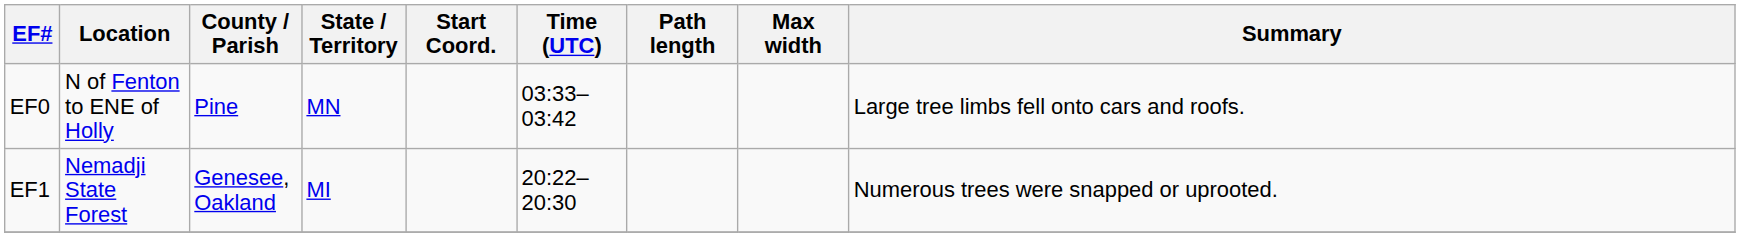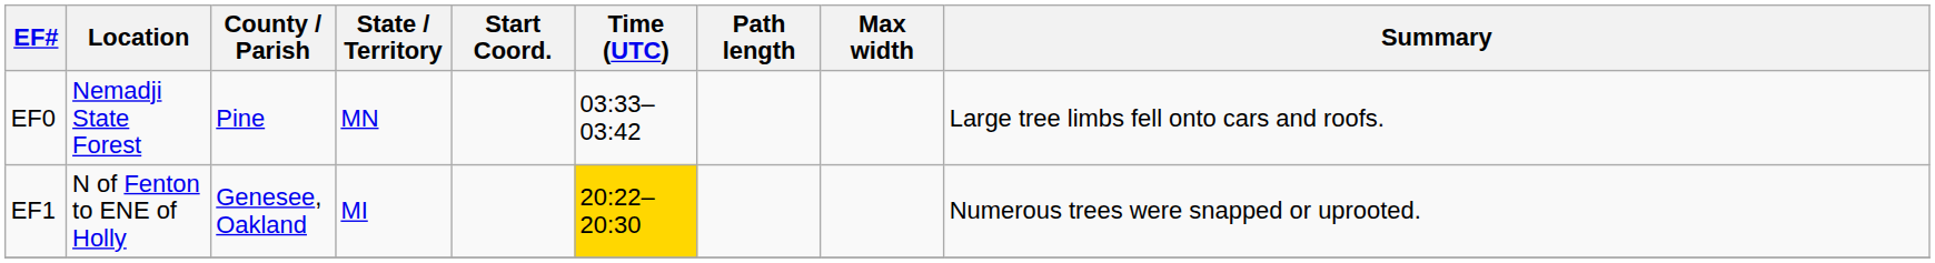 <table class="wikitable sortable" style="width:100%;">
 <tr>
 <th scope="col"  style="width:3%; text-align:center;"><a href='#'>EF#</a></th>
 <th scope="col"  style="width:7%; text-align:center;" class="unsortable">Location</th>
 <th scope="col"  style="width:6%; text-align:center;" class="unsortable">County / Parish</th>
 <th scope="col"  style="width:5%; text-align:center;">State / Territory</th>
 <th scope="col"  style="width:6%; text-align:center;">Start Coord.</th>
 <th scope="col"  style="width:6%; text-align:center;">Time (<a href='#'>UTC</a>)</th>
 <th scope="col"  style="width:6%; text-align:center;">Path length</th>
 <th scope="col"  style="width:6%; text-align:center;">Max width</th>
 <th scope="col" class="unsortable" style="width:48%; text-align:center;">Summary</th>
 </tr>
 <tr>
 <td>EF0</td>
-<td>N of <a href='#'>Fenton</a> to ENE of <a href='#'>Holly</a></td>
+<td><a href='#'>Nemadji State Forest</a></td>
 <td><a href='#'>Pine</a></td>
 <td><a href='#'>MN</a></td>
 <td></td>
 <td>03:33–03:42</td>
 <td></td>
 <td></td>
 <td>Large tree limbs fell onto cars and roofs.</td>
 </tr>
 <tr>
 <td>EF1</td>
-<td><a href='#'>Nemadji State Forest</a></td>
+<td>N of <a href='#'>Fenton</a> to ENE of <a href='#'>Holly</a></td>
 <td><a href='#'>Genesee</a>, <a href='#'>Oakland</a></td>
 <td><a href='#'>MI</a></td>
 <td></td>
-<td>20:22–20:30</td>
+<td style="background: gold;">20:22–20:30</td>
 <td></td>
 <td></td>
 <td>Numerous trees were snapped or uprooted.</td>
 </tr>
 <tr>
 </tr>
 </table>
